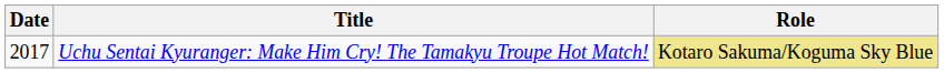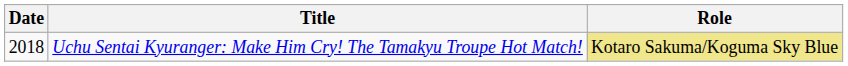 <table class="wikitable">
 <tr>
 <th>Date</th>
 <th>Title</th>
 <th>Role</th>
 </tr>
 <tr>
-<td>2017</td>
+<td>2018</td>
 <td><em><a href='#'>Uchu Sentai Kyuranger: Make Him Cry! The Tamakyu Troupe Hot Match!</a></em></td>
 <td style="background: khaki;">Kotaro Sakuma/Koguma Sky Blue</td>
 </tr>
 </table>
